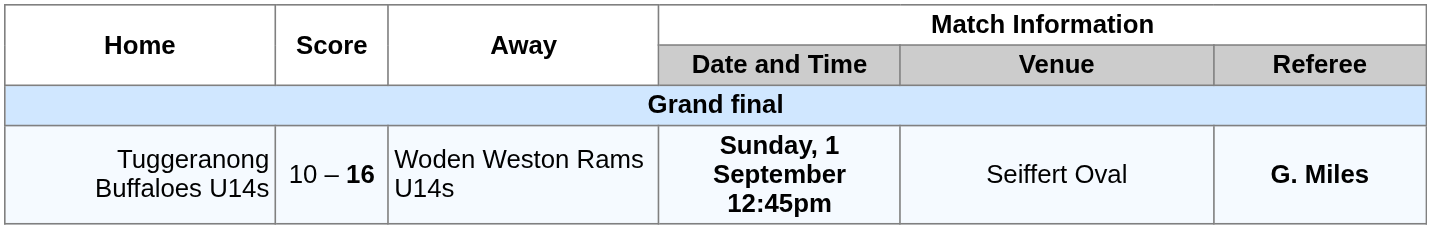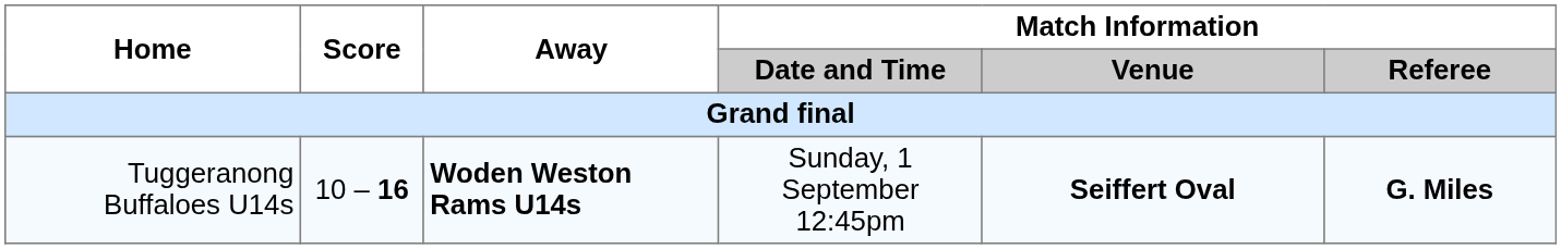 <table border="1" cellpadding="3" cellspacing="0" width="100%" style="border-collapse:collapse;  text-align:center;">
 <tr>
 <th rowspan="2" width="19%">Home</th>
 <th rowspan="2" width="8%">Score</th>
 <th rowspan="2" width="19%">Away</th>
 <th colspan="3">Match Information</th>
 </tr>
 <tr bgcolor="#CCCCCC">
 <th width="17%">Date and Time</th>
 <th width="22%">Venue</th>
 <th width="50%">Referee</th>
 </tr>
 <tr style="background:#d0e7ff;">
 <td colspan="6"><strong>Grand final</strong></td>
 </tr>
 <tr style="text-align:center; background:#f5faff;">
 <td align="right">Tuggeranong Buffaloes U14s </td>
 <td>10 – <strong>16</strong></td>
-<td align="left"> Woden Weston Rams U14s</td>
-<td><strong>Sunday, 1 September 12:45pm</strong></td>
-<td>Seiffert Oval</td>
+<td align="left"><strong> Woden Weston Rams U14s</strong></td>
+<td>Sunday, 1 September 12:45pm</td>
+<td><strong>Seiffert Oval</strong></td>
 <td><strong>G. Miles</strong></td>
 </tr>
 </table>
